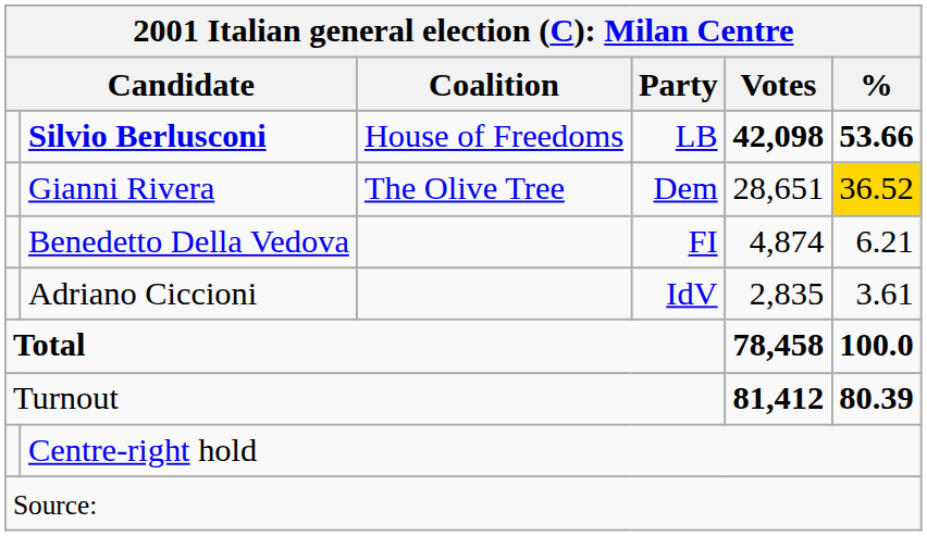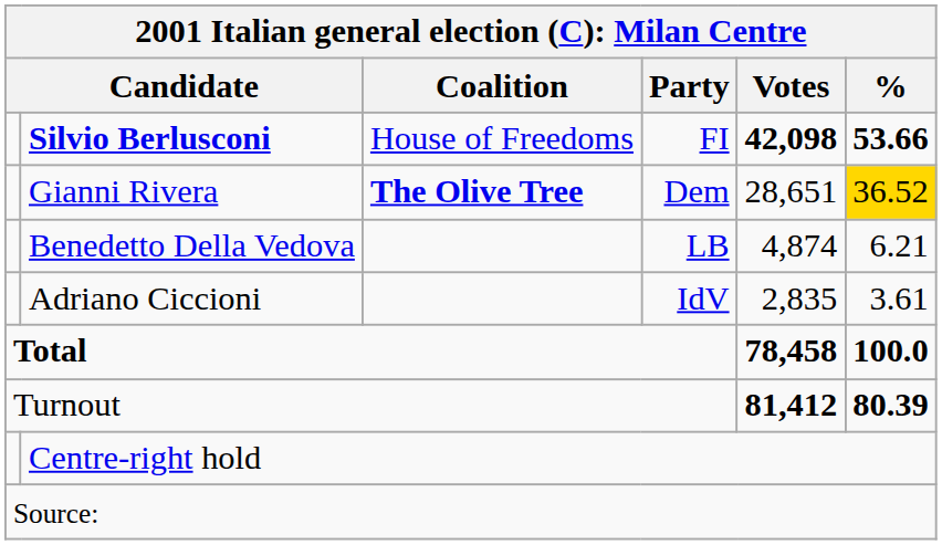 <table class=wikitable style="text-align:right">
 <tr>
 <th colspan=6>2001 Italian general election (<a href='#'>C</a>): <a href='#'>Milan Centre</a></th>
 </tr>
 <tr>
 <th colspan=2>Candidate</th>
 <th>Coalition</th>
 <th>Party</th>
 <th>Votes</th>
 <th>%</th>
 </tr>
 <tr>
 <td style="color:inherit;background:"></td>
 <td align=left><strong><a href='#'>Silvio Berlusconi</a></strong></td>
 <td align=left><a href='#'>House of Freedoms</a></td>
-<td><a href='#'>LB</a></td>
+<td><a href='#'>FI</a></td>
 <td><strong>42,098</strong></td>
 <td><strong>53.66</strong></td>
 </tr>
 <tr>
 <td style="color:inherit;background:"></td>
 <td align=left><a href='#'>Gianni Rivera</a></td>
-<td align=left><a href='#'>The Olive Tree</a></td>
+<td align=left><strong><a href='#'>The Olive Tree</a></strong></td>
 <td><a href='#'>Dem</a></td>
 <td>28,651</td>
 <td style="background: gold;">36.52</td>
 </tr>
 <tr>
 <td style="color:inherit;background:"></td>
 <td align=left><a href='#'>Benedetto Della Vedova</a></td>
 <td></td>
-<td><a href='#'>FI</a></td>
+<td><a href='#'>LB</a></td>
 <td>4,874</td>
 <td>6.21</td>
 </tr>
 <tr>
 <td style="color:inherit;background:"></td>
 <td align=left>Adriano Ciccioni</td>
 <td></td>
 <td><a href='#'>IdV</a></td>
 <td>2,835</td>
 <td>3.61</td>
 </tr>
 <tr>
 <td align=left colspan=4><strong>Total</strong></td>
 <td><strong>78,458</strong></td>
 <td><strong>100.0</strong></td>
 </tr>
 <tr>
 <td align=left colspan=4>Turnout</td>
 <td><strong>81,412</strong></td>
 <td><strong>80.39</strong></td>
 </tr>
 <tr>
 <td style="color:inherit;background:"></td>
 <td align=left colspan=5><a href='#'>Centre-right</a> hold</td>
 </tr>
 <tr>
 <td align=left colspan=6><small>Source: </small></td>
 </tr>
 </table>
